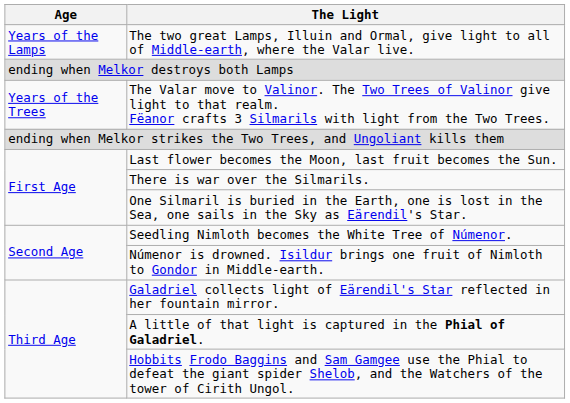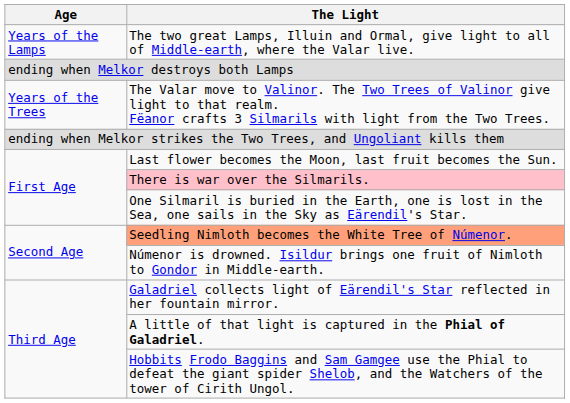 <table class="wikitable" style="margin-left: auto; margin-right: auto; border: none;">
 <tr>
 <th scope="col" style="width: 120px;">Age</th>
 <th scope="col" style="width: 450px;">The Light</th>
 </tr>
 <tr>
 <td><a href='#'>Years of the Lamps</a></td>
 <td>The two great Lamps, Illuin and Ormal, give light to all of <a href='#'>Middle-earth</a>, where the Valar live.</td>
 </tr>
 <tr>
 <td colspan="2" style="background: #dddddd;">ending when <a href='#'>Melkor</a> destroys both Lamps</td>
 </tr>
 <tr>
 <td><a href='#'>Years of the Trees</a></td>
 <td>The Valar move to <a href='#'>Valinor</a>. The <a href='#'>Two Trees of Valinor</a> give light to that realm.<br><a href='#'>Fëanor</a> crafts 3 <a href='#'>Silmarils</a> with light from the Two Trees.</td>
 </tr>
 <tr>
 <td colspan="2" style="background: #dddddd;">ending when Melkor strikes the Two Trees, and <a href='#'>Ungoliant</a> kills them</td>
 </tr>
 <tr>
 <td rowspan="3"><a href='#'>First Age</a></td>
 <td>Last flower becomes the Moon, last fruit becomes the Sun.</td>
 </tr>
 <tr>
-<td>There is war over the Silmarils.</td>
+<td style="background: pink;">There is war over the Silmarils.</td>
 </tr>
 <tr>
 <td>One Silmaril is buried in the Earth, one is lost in the Sea, one sails in the Sky as <a href='#'>Eärendil</a>'s Star.</td>
 </tr>
 <tr>
 <td rowspan="2"><a href='#'>Second Age</a></td>
-<td>Seedling Nimloth becomes the White Tree of <a href='#'>Númenor</a>.</td>
+<td style="background: lightsalmon;">Seedling Nimloth becomes the White Tree of <a href='#'>Númenor</a>.</td>
 </tr>
 <tr>
 <td>Númenor is drowned. <a href='#'>Isildur</a> brings one fruit of Nimloth to <a href='#'>Gondor</a> in Middle-earth.</td>
 </tr>
 <tr>
 <td rowspan="3"><a href='#'>Third Age</a></td>
 <td><a href='#'>Galadriel</a> collects light of <a href='#'>Eärendil's Star</a> reflected in her fountain mirror.</td>
 </tr>
 <tr>
 <td>A little of that light is captured in the <strong>Phial of Galadriel</strong>.</td>
 </tr>
 <tr>
 <td><a href='#'>Hobbits</a> <a href='#'>Frodo Baggins</a> and <a href='#'>Sam Gamgee</a> use the Phial to defeat the giant spider <a href='#'>Shelob</a>, and the Watchers of the tower of Cirith Ungol.</td>
 </tr>
 </table>
